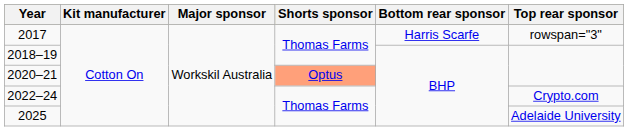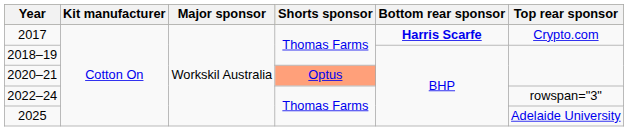 <table class="wikitable sortable" style="text-align:center">
 <tr style="background:#bdb76b;">
 <th>Year</th>
 <th>Kit manufacturer</th>
 <th>Major sponsor</th>
 <th>Shorts sponsor</th>
 <th>Bottom rear sponsor</th>
 <th>Top rear sponsor</th>
 </tr>
 <tr>
 <td>2017</td>
 <td rowspan="5"><a href='#'>Cotton On</a></td>
 <td rowspan="5">Workskil Australia</td>
 <td rowspan="2"><a href='#'>Thomas Farms</a></td>
-<td><a href='#'>Harris Scarfe</a></td>
-<td>rowspan="3" </td>
+<td><strong><a href='#'>Harris Scarfe</a></strong></td>
+<td><a href='#'>Crypto.com</a></td>
 </tr>
 <tr>
 <td>2018–19</td>
 <td rowspan="4"><a href='#'>BHP</a></td>
 </tr>
 <tr>
 <td>2020–21</td>
 <td style="background: lightsalmon;"><a href='#'>Optus</a></td>
 </tr>
 <tr>
 <td>2022–24</td>
 <td rowspan="2"><a href='#'>Thomas Farms</a></td>
-<td><a href='#'>Crypto.com</a></td>
+<td>rowspan="3" </td>
 </tr>
 <tr>
 <td>2025</td>
 <td><a href='#'>Adelaide University</a></td>
 </tr>
 </table>
